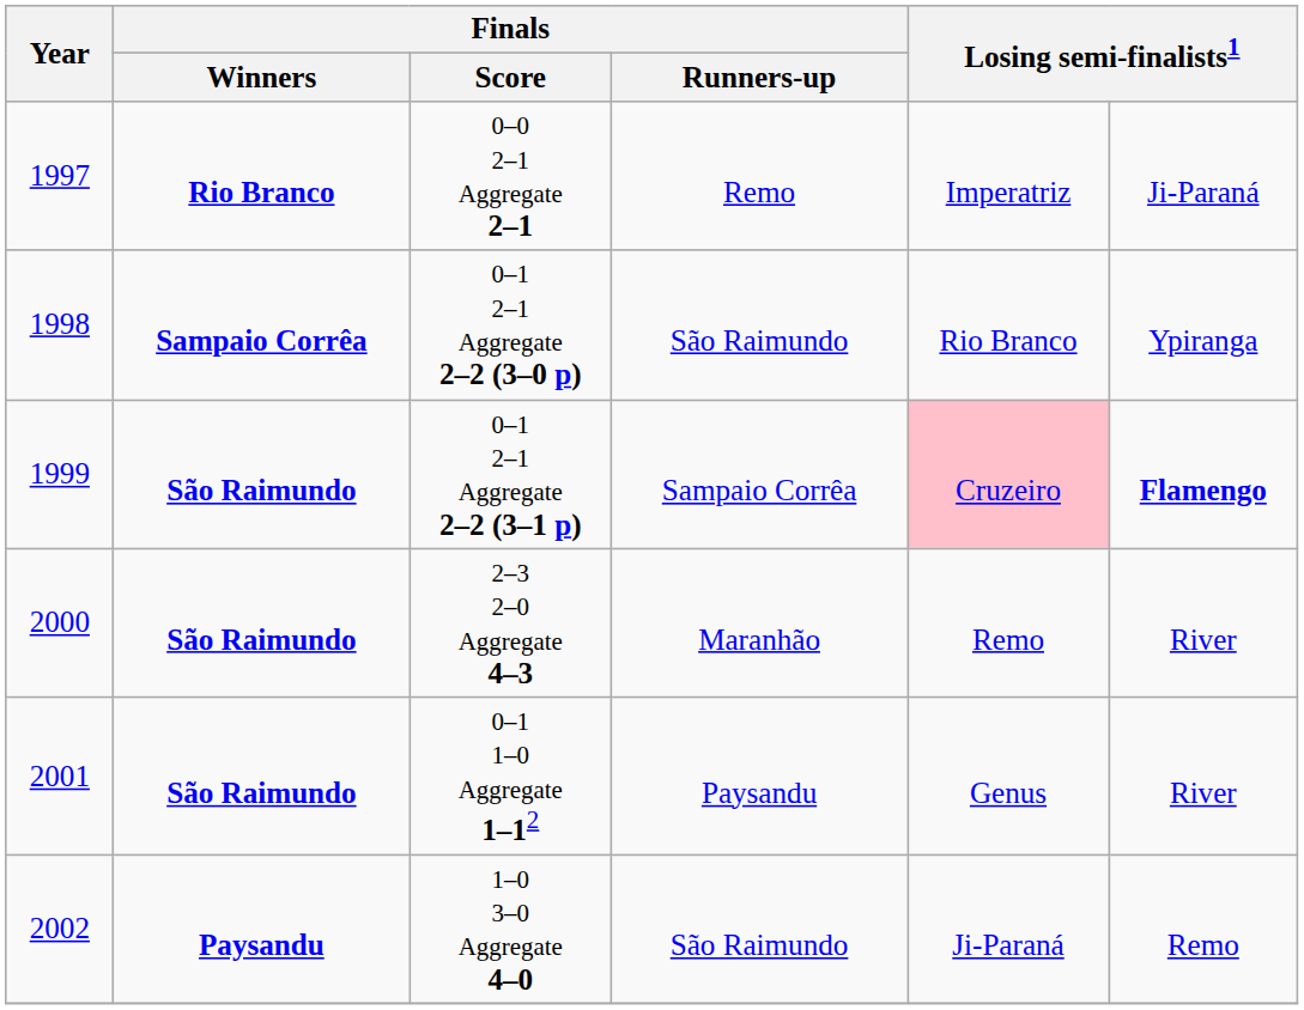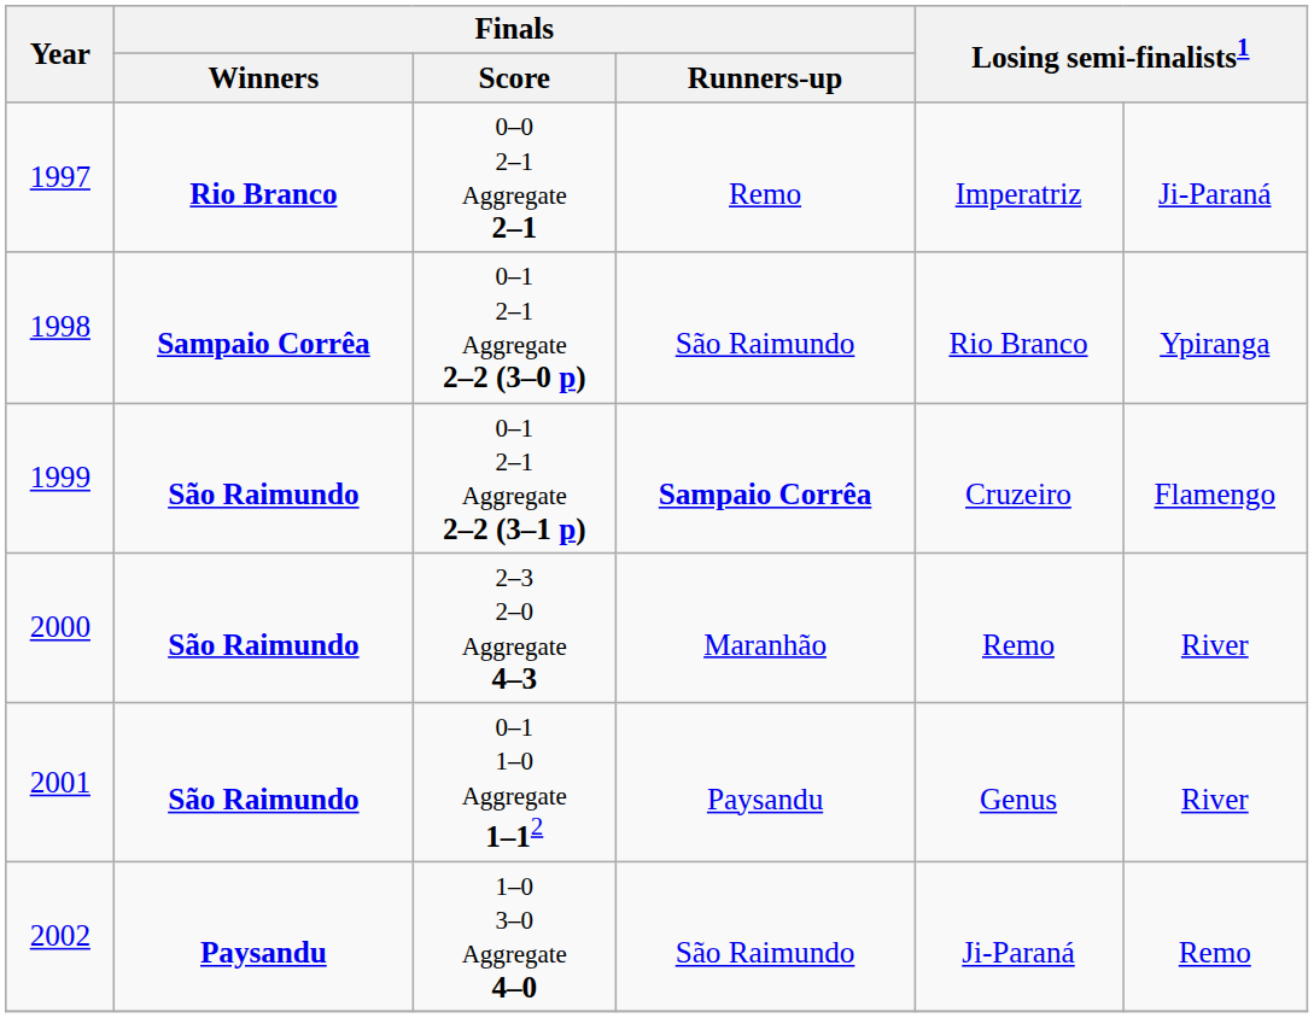 <table class="wikitable" style="text-align: center;">
 <tr>
 <th rowspan=2 width=50>Year</th>
 <th colspan=3>Finals</th>
 <th colspan=3 rowspan=2 width=200>Losing semi-finalists<sup><a href='#'>1</a></sup></th>
 </tr>
 <tr>
 <th width=150>Winners</th>
 <th width=100>Score</th>
 <th width=150>Runners-up</th>
 </tr>
 <tr>
 <td><a href='#'>1997</a></td>
 <td><strong><br><a href='#'>Rio Branco</a></strong></td>
 <td><small>0–0<br>2–1<br>Aggregate</small><br><strong>2–1</strong></td>
 <td><br><a href='#'>Remo</a></td>
 <td><br><a href='#'>Imperatriz</a></td>
 <td><br><a href='#'>Ji-Paraná</a></td>
 </tr>
 <tr>
 <td><a href='#'>1998</a></td>
 <td><strong><br><a href='#'>Sampaio Corrêa</a></strong></td>
 <td><small>0–1<br>2–1<br>Aggregate</small><br><strong>2–2 (3–0 <a href='#'>p</a>)</strong></td>
 <td><br><a href='#'>São Raimundo</a></td>
 <td><br><a href='#'>Rio Branco</a></td>
 <td><br><a href='#'>Ypiranga</a></td>
 </tr>
 <tr>
 <td><a href='#'>1999</a></td>
 <td><strong><br><a href='#'>São Raimundo</a></strong></td>
 <td><small>0–1<br>2–1<br>Aggregate</small><br><strong>2–2 (3–1 <a href='#'>p</a>)</strong></td>
-<td><br><a href='#'>Sampaio Corrêa</a></td>
-<td style="background: pink;"><br><a href='#'>Cruzeiro</a></td>
-<td><strong><br><a href='#'>Flamengo</a></strong></td>
+<td><strong><br><a href='#'>Sampaio Corrêa</a></strong></td>
+<td><br><a href='#'>Cruzeiro</a></td>
+<td><br><a href='#'>Flamengo</a></td>
 </tr>
 <tr>
 <td><a href='#'>2000</a></td>
 <td><strong><br><a href='#'>São Raimundo</a></strong></td>
 <td><small>2–3<br>2–0<br>Aggregate</small><br><strong>4–3</strong></td>
 <td><br><a href='#'>Maranhão</a></td>
 <td><br><a href='#'>Remo</a></td>
 <td><br><a href='#'>River</a></td>
 </tr>
 <tr>
 <td><a href='#'>2001</a></td>
 <td><strong><br><a href='#'>São Raimundo</a></strong></td>
 <td><small>0–1<br>1–0<br>Aggregate</small><br><strong>1–1</strong><sup><a href='#'>2</a></sup></td>
 <td><br><a href='#'>Paysandu</a></td>
 <td><br><a href='#'>Genus</a></td>
 <td><br><a href='#'>River</a></td>
 </tr>
 <tr>
 <td><a href='#'>2002</a></td>
 <td><strong><br><a href='#'>Paysandu</a></strong></td>
 <td><small>1–0<br>3–0<br>Aggregate</small><br><strong>4–0</strong></td>
 <td><br><a href='#'>São Raimundo</a></td>
 <td><br><a href='#'>Ji-Paraná</a></td>
 <td><br><a href='#'>Remo</a></td>
 </tr>
 <tr>
 </tr>
 </table>
